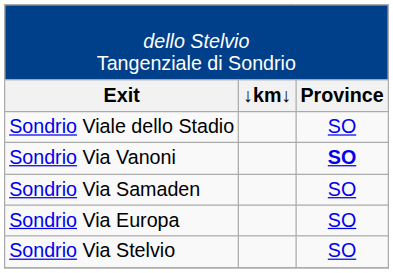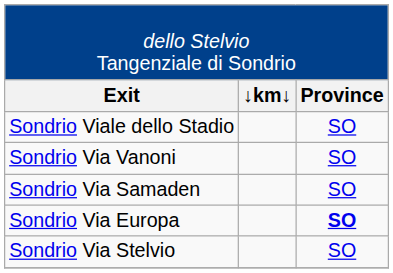 <table class="wikitable">
 <tr align="center" bgcolor="00408B" style="color: white;font-size:100%;">
 <td colspan="5"><br><em>dello Stelvio</em><br>Tangenziale di Sondrio</td>
 </tr>
 <tr>
 <th>Exit</th>
 <th>↓km↓</th>
 <th>Province</th>
 </tr>
 <tr>
 <td> <a href='#'>Sondrio</a> Viale dello Stadio</td>
 <td align="right"></td>
 <td align="center"><a href='#'>SO</a></td>
 </tr>
 <tr>
 <td> <a href='#'>Sondrio</a> Via Vanoni</td>
 <td align="right"></td>
-<td align="center"><strong><a href='#'>SO</a></strong></td>
+<td align="center"><a href='#'>SO</a></td>
 </tr>
 <tr>
 <td> <a href='#'>Sondrio</a> Via Samaden</td>
 <td align="right"></td>
 <td align="center"><a href='#'>SO</a></td>
 </tr>
 <tr>
 <td> <a href='#'>Sondrio</a> Via Europa</td>
 <td align="right"></td>
-<td align="center"><a href='#'>SO</a></td>
+<td align="center"><strong><a href='#'>SO</a></strong></td>
 </tr>
 <tr>
 <td> <a href='#'>Sondrio</a> Via Stelvio</td>
 <td align="right"></td>
 <td align="center"><a href='#'>SO</a></td>
 </tr>
 <tr>
 </tr>
 </table>
